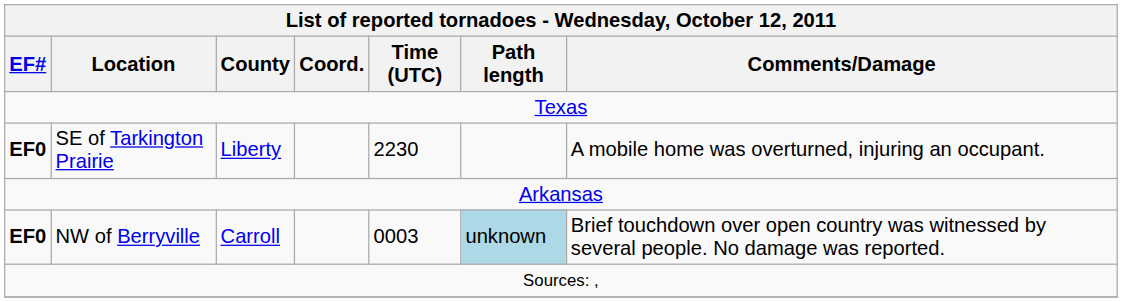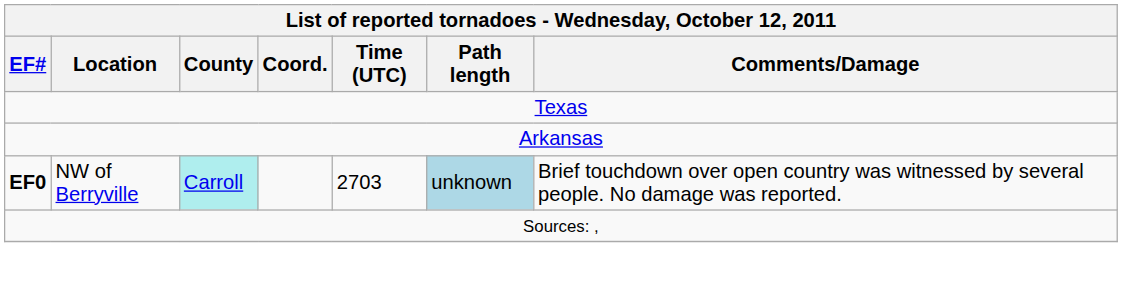 <table class="wikitable collapsible" width="100%">
 <tr>
 <th colspan="7">List of reported tornadoes - Wednesday, October 12, 2011</th>
 </tr>
 <tr>
 <th><a href='#'>EF#</a></th>
 <th>Location</th>
 <th>County</th>
 <th>Coord.</th>
 <th>Time (UTC)</th>
 <th>Path length</th>
 <th>Comments/Damage</th>
 </tr>
 <tr>
 <td colspan="7" align=center><a href='#'>Texas</a></td>
 </tr>
 <tr>
-<td><strong>EF0</strong></td>
-<td>SE of <a href='#'>Tarkington Prairie</a></td>
-<td><a href='#'>Liberty</a></td>
-<td></td>
-<td>2230</td>
-<td></td>
-<td>A mobile home was overturned, injuring an occupant.</td>
-</tr>
-<tr>
 <td colspan="7" align=center><a href='#'>Arkansas</a></td>
 </tr>
 <tr>
 <td><strong>EF0</strong></td>
 <td>NW of <a href='#'>Berryville</a></td>
-<td><a href='#'>Carroll</a></td>
+<td style="background: paleturquoise;"><a href='#'>Carroll</a></td>
 <td></td>
-<td>0003</td>
+<td>2703</td>
 <td style="background: lightblue;">unknown</td>
 <td>Brief touchdown over open country was witnessed by several people. No damage was reported.</td>
 </tr>
 <tr>
 <td colspan="7" align=center><small>Sources: , </small></td>
 </tr>
 <tr>
 </tr>
 </table>
